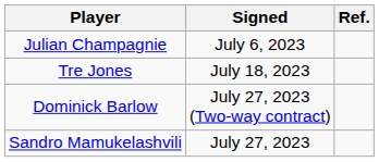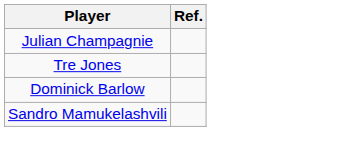 <table class="wikitable sortable sortable" style="text-align: center">
 <tr>
 <th>Player</th>
-<th>Signed</th>
 <th>Ref.</th>
 </tr>
 <tr>
 <td><a href='#'>Julian Champagnie</a></td>
-<td>July 6, 2023</td>
 <td></td>
 </tr>
 <tr>
 <td><a href='#'>Tre Jones</a></td>
-<td>July 18, 2023</td>
 <td></td>
 </tr>
 <tr>
 <td><a href='#'>Dominick Barlow</a></td>
-<td>July 27, 2023<br>(<a href='#'>Two-way contract</a>)</td>
 <td></td>
 </tr>
 <tr>
 <td><a href='#'>Sandro Mamukelashvili</a></td>
-<td>July 27, 2023</td>
 <td></td>
 </tr>
 </table>
